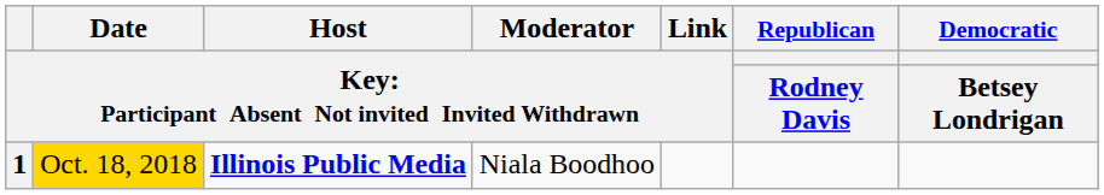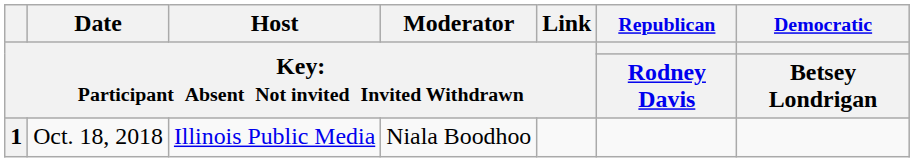 <table class="wikitable" style="text-align:center;">
 <tr>
 <th scope="col"></th>
 <th scope="col">Date</th>
 <th scope="col">Host</th>
 <th scope="col">Moderator</th>
 <th scope="col">Link</th>
 <th scope="col"><small><a href='#'>Republican</a></small></th>
 <th scope="col"><small><a href='#'>Democratic</a></small></th>
 </tr>
 <tr>
 <th colspan="5" rowspan="2">Key:<br> <small>Participant </small>  <small>Absent </small>  <small>Not invited </small>  <small>Invited  Withdrawn</small></th>
 <th scope="col" style="background:"></th>
 <th scope="col" style="background:"></th>
 </tr>
 <tr>
 <th scope="col"><a href='#'>Rodney Davis</a></th>
 <th scope="col">Betsey Londrigan</th>
 </tr>
 <tr>
 <th>1</th>
-<td style="background: gold; white-space:nowrap;">Oct. 18, 2018</td>
-<td style="white-space:nowrap;"><strong><a href='#'>Illinois Public Media</a></strong></td>
+<td style="white-space:nowrap;">Oct. 18, 2018</td>
+<td style="white-space:nowrap;"><a href='#'>Illinois Public Media</a></td>
 <td style="white-space:nowrap;">Niala Boodhoo</td>
 <td style="white-space:nowrap;"></td>
 <td></td>
 <td></td>
 </tr>
 </table>
